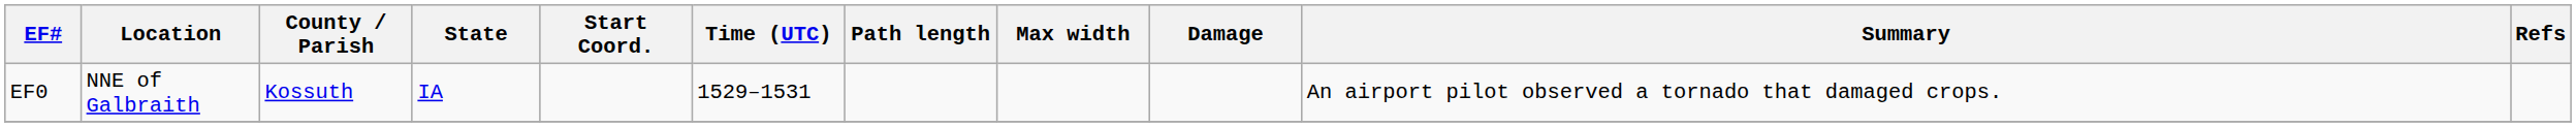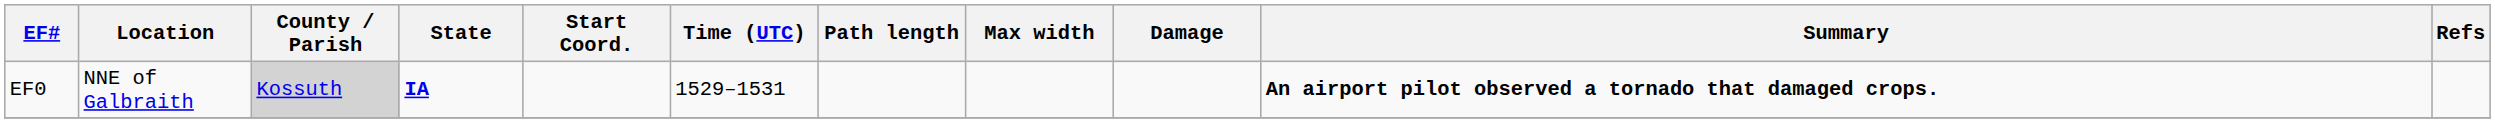 <table class="wikitable sortable" style="width:100%;">
 <tr>
 <th scope="col" width="3%" align="center"><a href='#'>EF#</a></th>
 <th scope="col" width="7%" align="center" class="unsortable">Location</th>
 <th scope="col" width="6%" align="center" class="unsortable">County / Parish</th>
 <th scope="col" width="5%" align="center">State</th>
 <th scope="col" width="6%" align="center">Start Coord.</th>
 <th scope="col" width="6%" align="center">Time (<a href='#'>UTC</a>)</th>
 <th scope="col" width="6%" align="center">Path length</th>
 <th scope="col" width="6%" align="center">Max width</th>
 <th scope="col" width="6%" align="center">Damage</th>
 <th scope="col" width="48%" class="unsortable" align="center">Summary</th>
 <th scope="col" width="48%" class="unsortable" align="center">Refs</th>
 </tr>
 <tr>
 <td>EF0</td>
 <td>NNE of <a href='#'>Galbraith</a></td>
-<td><a href='#'>Kossuth</a></td>
-<td><a href='#'>IA</a></td>
+<td style="background: lightgrey;"><a href='#'>Kossuth</a></td>
+<td><strong><a href='#'>IA</a></strong></td>
 <td></td>
 <td>1529–1531</td>
 <td></td>
 <td></td>
 <td></td>
-<td>An airport pilot observed a tornado that damaged crops.</td>
+<td><strong>An airport pilot observed a tornado that damaged crops.</strong></td>
 <td></td>
 </tr>
 <tr>
 </tr>
 </table>
